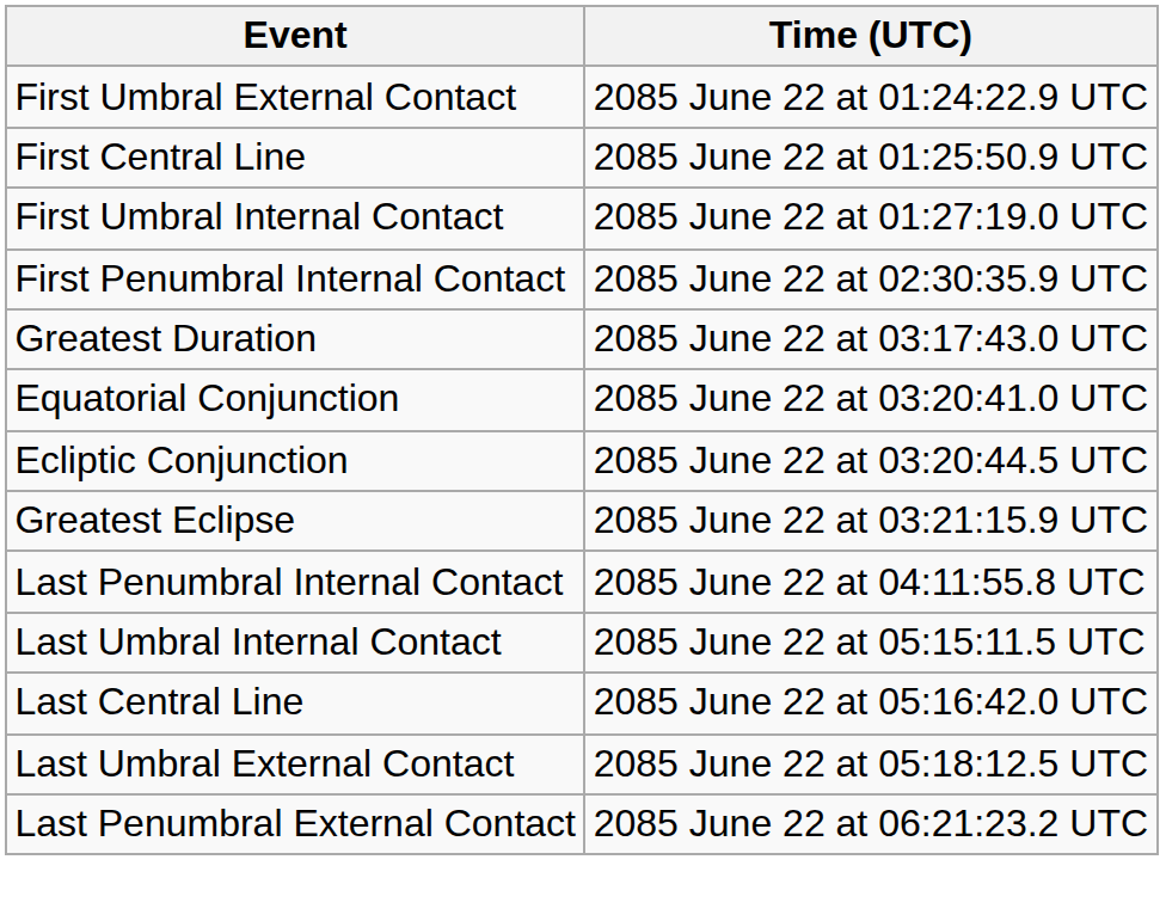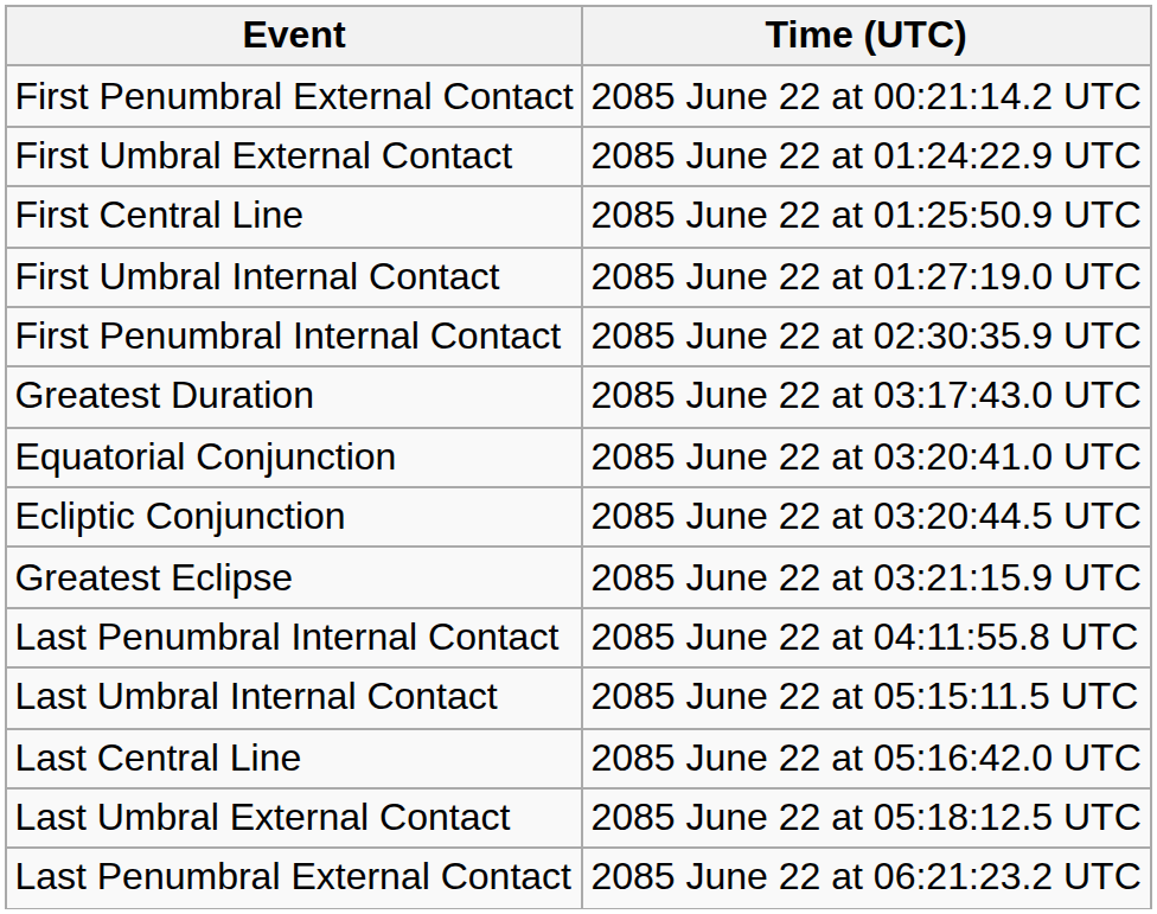 <table class="wikitable">
 <tr>
 <th>Event</th>
 <th>Time (UTC)</th>
+</tr>
+<tr>
+<td>First Penumbral External Contact</td>
+<td>2085 June 22 at 00:21:14.2 UTC</td>
 </tr>
 <tr>
 <td>First Umbral External Contact</td>
 <td>2085 June 22 at 01:24:22.9 UTC</td>
 </tr>
 <tr>
 <td>First Central Line</td>
 <td>2085 June 22 at 01:25:50.9 UTC</td>
 </tr>
 <tr>
 <td>First Umbral Internal Contact</td>
 <td>2085 June 22 at 01:27:19.0 UTC</td>
 </tr>
 <tr>
 <td>First Penumbral Internal Contact</td>
 <td>2085 June 22 at 02:30:35.9 UTC</td>
 </tr>
 <tr>
 <td>Greatest Duration</td>
 <td>2085 June 22 at 03:17:43.0 UTC</td>
 </tr>
 <tr>
 <td>Equatorial Conjunction</td>
 <td>2085 June 22 at 03:20:41.0 UTC</td>
 </tr>
 <tr>
 <td>Ecliptic Conjunction</td>
 <td>2085 June 22 at 03:20:44.5 UTC</td>
 </tr>
 <tr>
 <td>Greatest Eclipse</td>
 <td>2085 June 22 at 03:21:15.9 UTC</td>
 </tr>
 <tr>
 <td>Last Penumbral Internal Contact</td>
 <td>2085 June 22 at 04:11:55.8 UTC</td>
 </tr>
 <tr>
 <td>Last Umbral Internal Contact</td>
 <td>2085 June 22 at 05:15:11.5 UTC</td>
 </tr>
 <tr>
 <td>Last Central Line</td>
 <td>2085 June 22 at 05:16:42.0 UTC</td>
 </tr>
 <tr>
 <td>Last Umbral External Contact</td>
 <td>2085 June 22 at 05:18:12.5 UTC</td>
 </tr>
 <tr>
 <td>Last Penumbral External Contact</td>
 <td>2085 June 22 at 06:21:23.2 UTC</td>
 </tr>
 </table>
